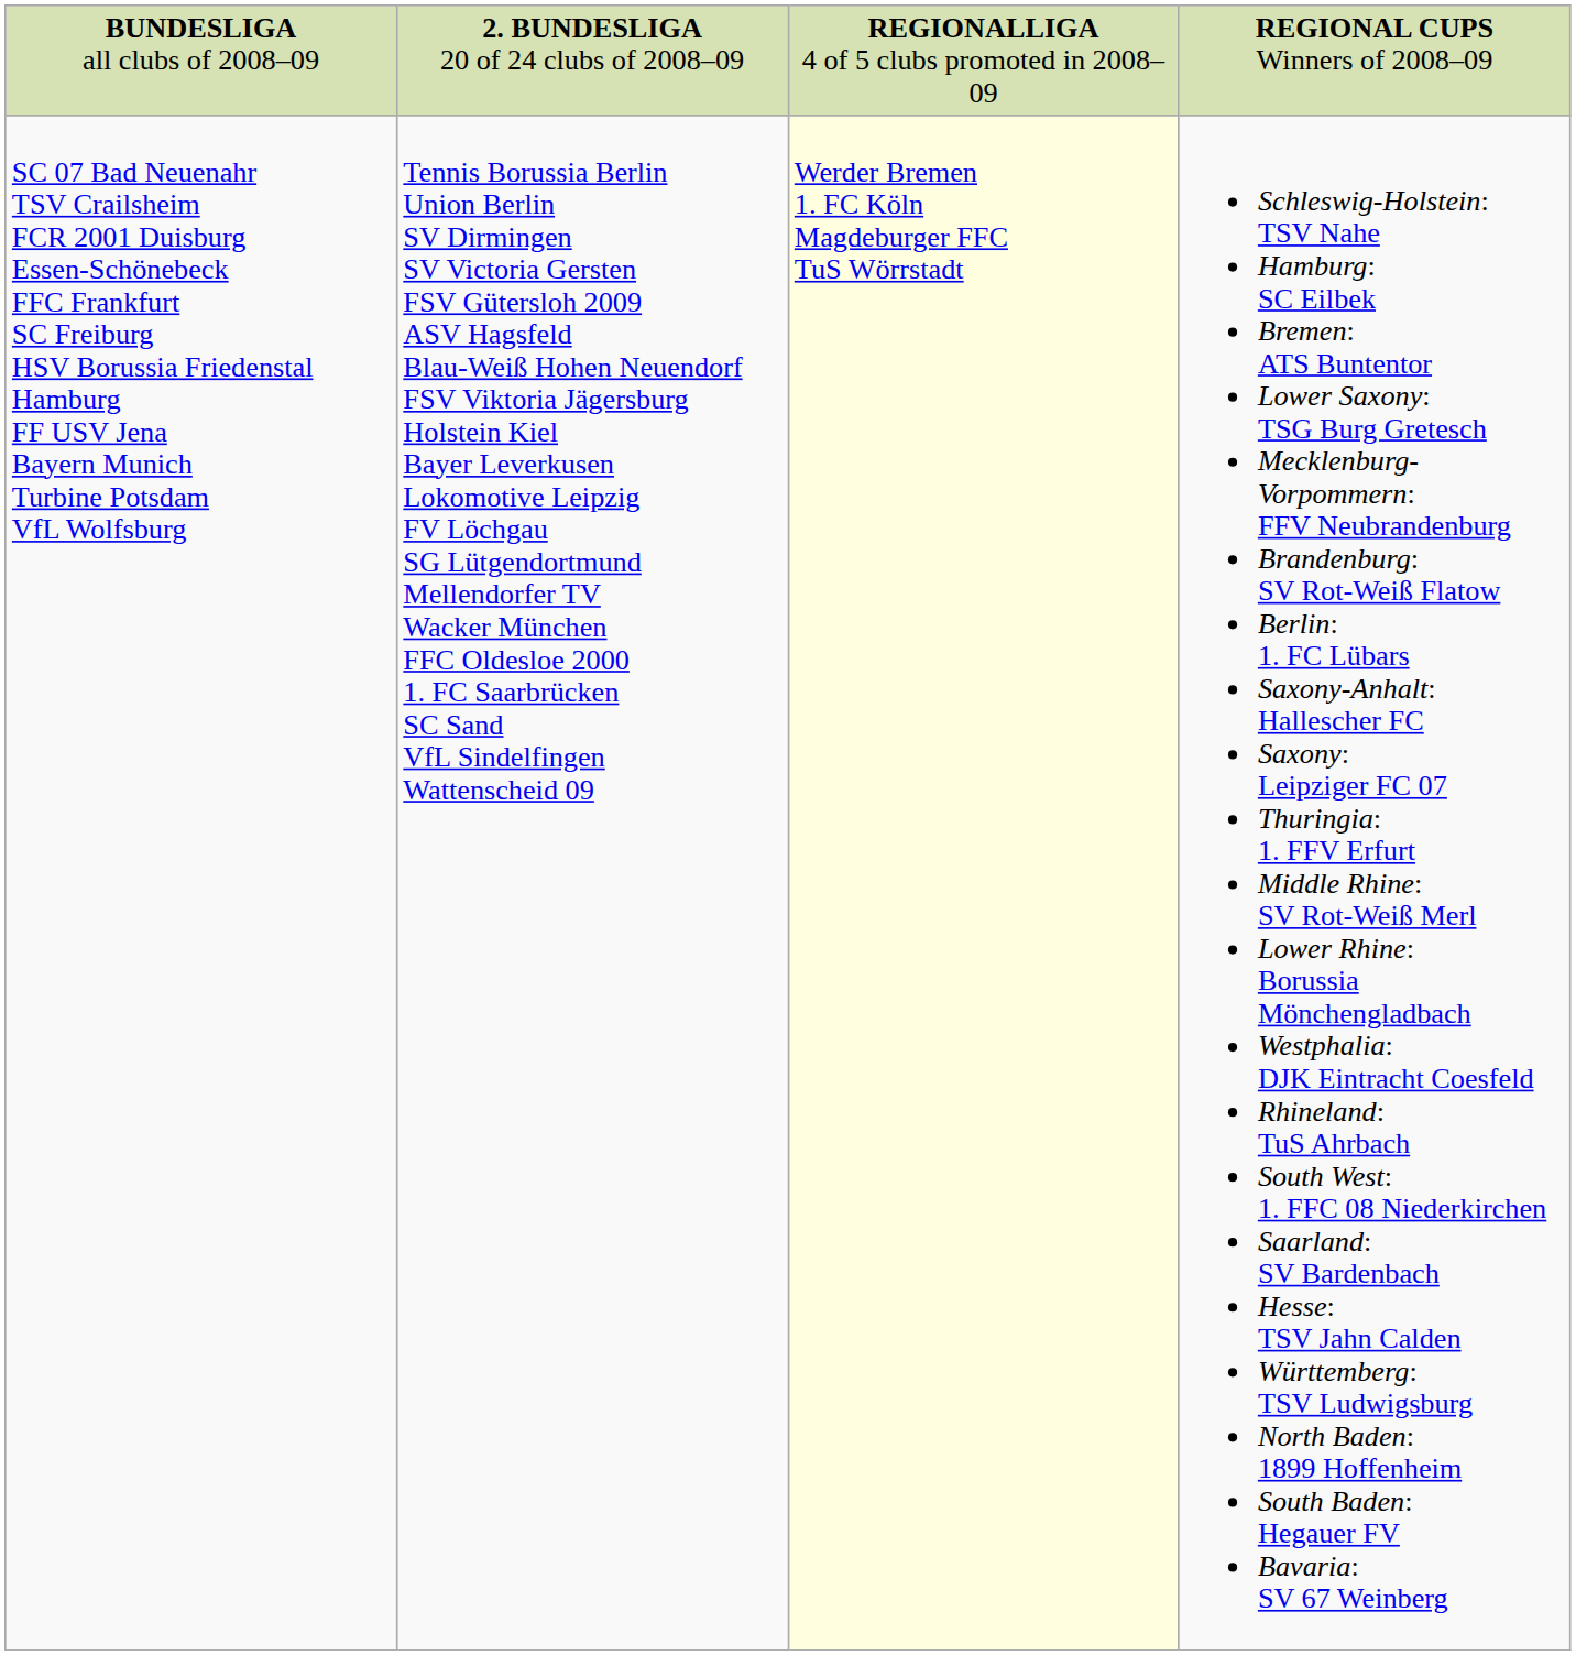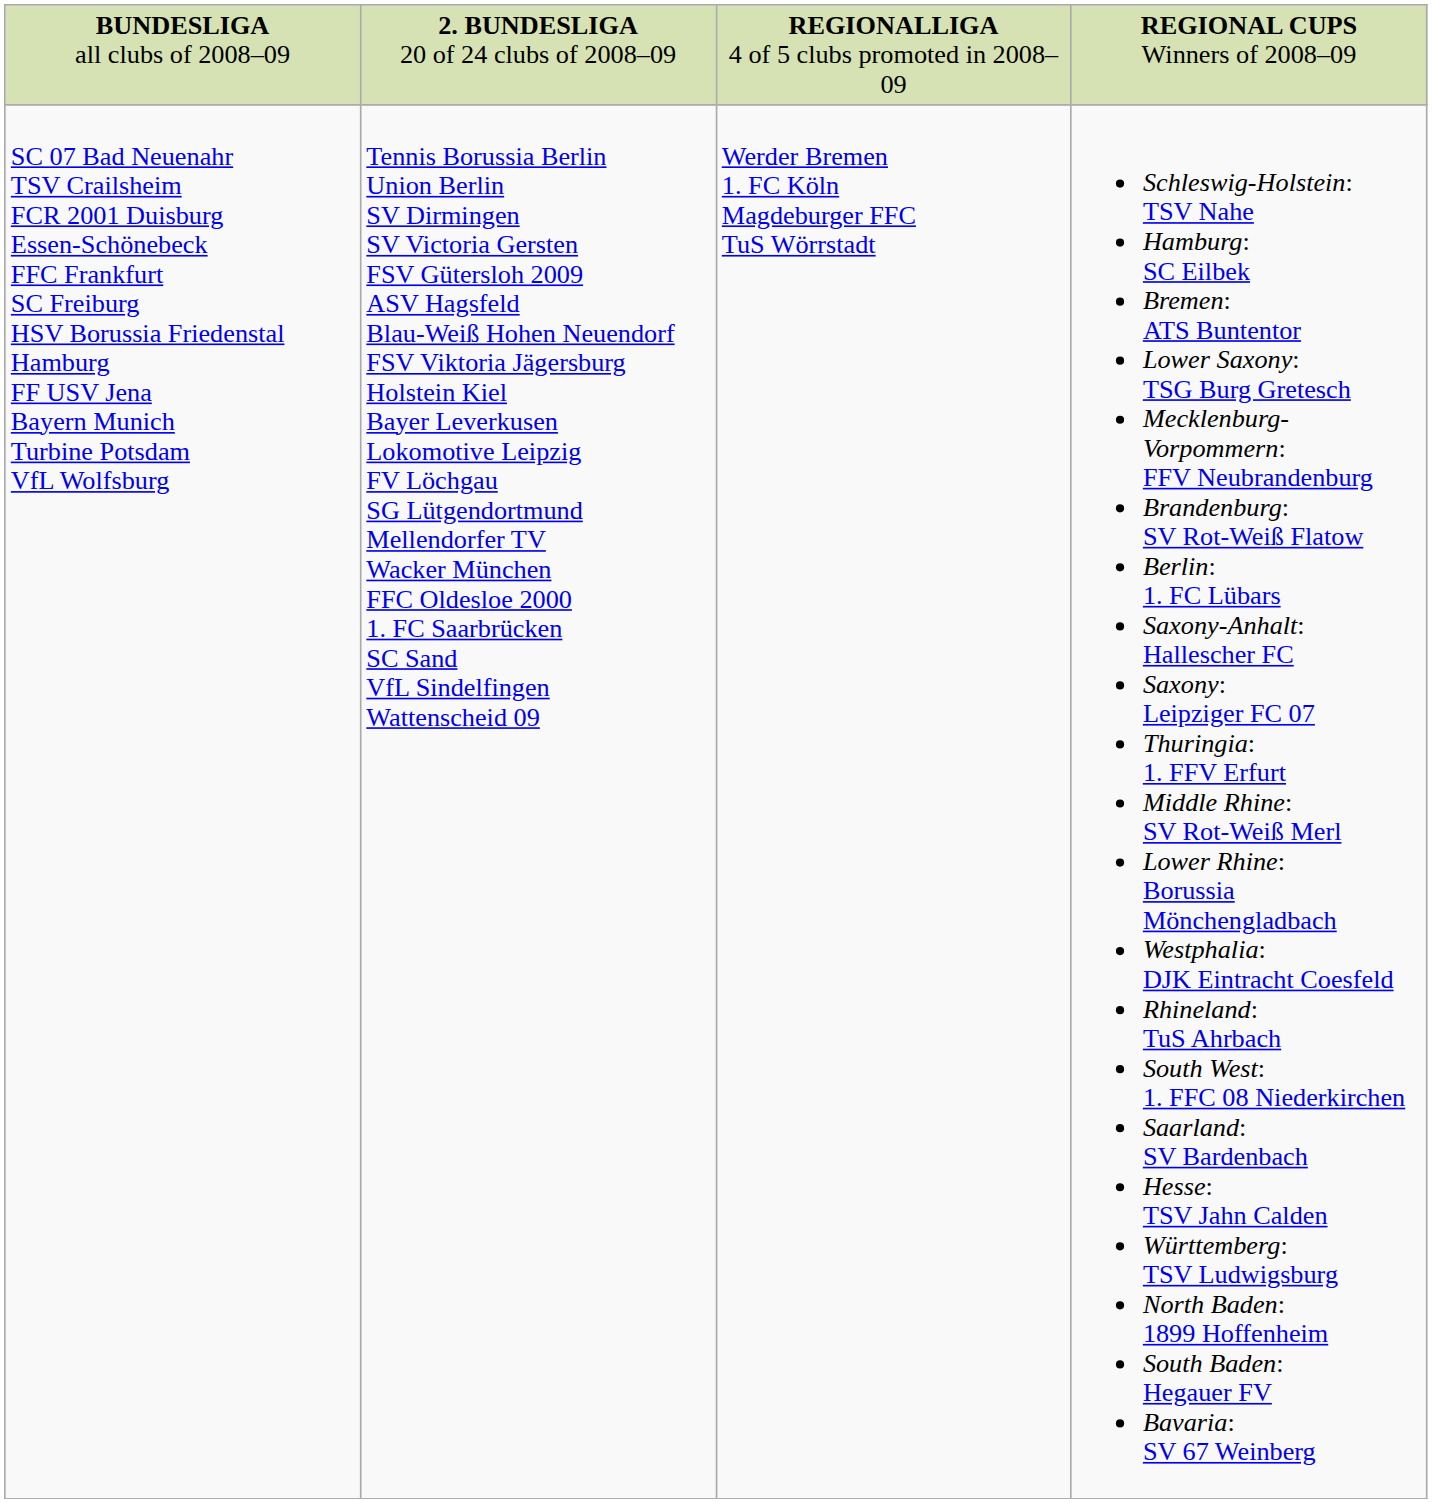 <table class="wikitable">
 <tr valign="top" style="background-color: #d6e2b3;">
 <td style="width: 25%; text-align:center;"><strong>BUNDESLIGA</strong><br>all clubs of 2008–09</td>
 <td style="width: 25%; text-align:center;"><strong>2. BUNDESLIGA</strong><br>20 of 24 clubs of 2008–09</td>
 <td style="width: 25%; text-align:center;"><strong>REGIONALLIGA</strong><br>4 of 5 clubs promoted in 2008–09</td>
 <td style="width: 25%; text-align:center;"><strong>REGIONAL CUPS</strong><br>Winners of 2008–09</td>
 </tr>
 <tr valign="top">
 <td><br><a href='#'>SC 07 Bad Neuenahr</a><br><a href='#'>TSV Crailsheim</a><br><a href='#'>FCR 2001 Duisburg</a><br><a href='#'>Essen-Schönebeck</a><br><a href='#'>FFC Frankfurt</a><br><a href='#'>SC Freiburg</a><br><a href='#'>HSV Borussia Friedenstal</a><br><a href='#'>Hamburg</a><br><a href='#'>FF USV Jena</a><br><a href='#'>Bayern Munich</a><br><a href='#'>Turbine Potsdam</a><br><a href='#'>VfL Wolfsburg</a><br></td>
 <td><br><a href='#'>Tennis Borussia Berlin</a><br><a href='#'>Union Berlin</a><br><a href='#'>SV Dirmingen</a><br><a href='#'>SV Victoria Gersten</a><br><a href='#'>FSV Gütersloh 2009</a><br><a href='#'>ASV Hagsfeld</a><br><a href='#'>Blau-Weiß Hohen Neuendorf</a><br><a href='#'>FSV Viktoria Jägersburg</a><br><a href='#'>Holstein Kiel</a><br><a href='#'>Bayer Leverkusen</a><br><a href='#'>Lokomotive Leipzig</a><br><a href='#'>FV Löchgau</a><br><a href='#'>SG Lütgendortmund</a><br><a href='#'>Mellendorfer TV</a><br><a href='#'>Wacker München</a><br><a href='#'>FFC Oldesloe 2000</a><br><a href='#'>1. FC Saarbrücken</a><br><a href='#'>SC Sand</a><br><a href='#'>VfL Sindelfingen</a><br><a href='#'>Wattenscheid 09</a></td>
-<td style="background: lightyellow;"><br><a href='#'>Werder Bremen</a><br><a href='#'>1. FC Köln</a><br><a href='#'>Magdeburger FFC</a><br><a href='#'>TuS Wörrstadt</a></td>
+<td><br><a href='#'>Werder Bremen</a><br><a href='#'>1. FC Köln</a><br><a href='#'>Magdeburger FFC</a><br><a href='#'>TuS Wörrstadt</a></td>
 <td><br><ul><li><em>Schleswig-Holstein</em>: <br><a href='#'>TSV Nahe</a></li><li><em>Hamburg</em>: <br><a href='#'>SC Eilbek</a></li><li><em>Bremen</em>: <br><a href='#'>ATS Buntentor</a></li><li><em>Lower Saxony</em>: <br><a href='#'>TSG Burg Gretesch</a></li><li><em>Mecklenburg-Vorpommern</em>: <br><a href='#'>FFV Neubrandenburg</a></li><li><em>Brandenburg</em>: <br><a href='#'>SV Rot-Weiß Flatow</a></li><li><em>Berlin</em>: <br><a href='#'>1. FC Lübars</a></li><li><em>Saxony-Anhalt</em>: <br><a href='#'>Hallescher FC</a></li><li><em>Saxony</em>: <br><a href='#'>Leipziger FC 07</a></li><li><em>Thuringia</em>: <br><a href='#'>1. FFV Erfurt</a></li><li><em>Middle Rhine</em>: <br><a href='#'>SV Rot-Weiß Merl</a></li><li><em>Lower Rhine</em>: <br><a href='#'>Borussia Mönchengladbach</a></li><li><em>Westphalia</em>: <br><a href='#'>DJK Eintracht Coesfeld</a></li><li><em>Rhineland</em>: <br><a href='#'>TuS Ahrbach</a></li><li><em>South West</em>: <br><a href='#'>1. FFC 08 Niederkirchen</a></li><li><em>Saarland</em>: <br><a href='#'>SV Bardenbach</a></li><li><em>Hesse</em>: <br><a href='#'>TSV Jahn Calden</a></li><li><em>Württemberg</em>: <br><a href='#'>TSV Ludwigsburg</a></li><li><em>North Baden</em>: <br><a href='#'>1899 Hoffenheim</a></li><li><em>South Baden</em>: <br><a href='#'>Hegauer FV</a></li><li><em>Bavaria</em>: <br><a href='#'>SV 67 Weinberg</a></li></ul></td>
 </tr>
 </table>
